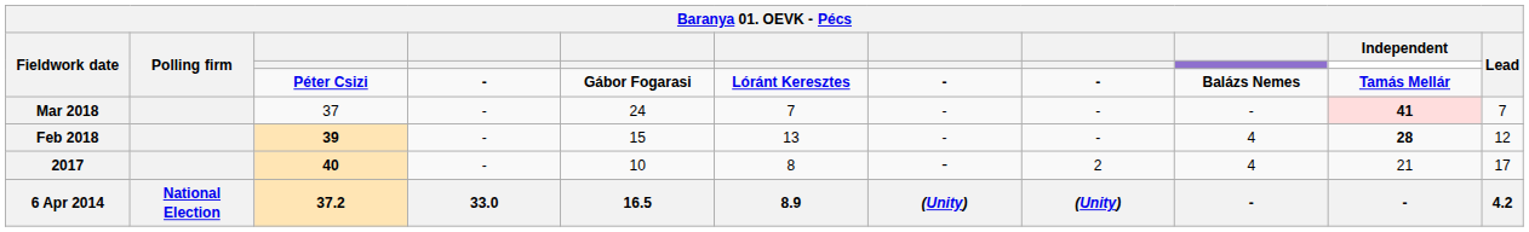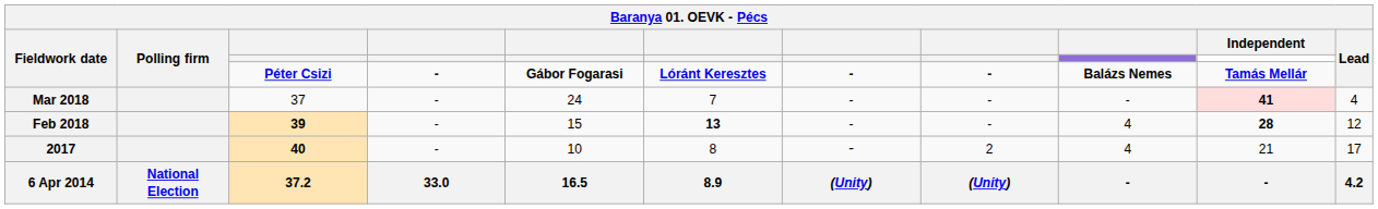 <table class="wikitable mw-collapsible mw-collapsed" style="text-align:center">
 <tr>
 <th style="width: 980pt;" colspan="11"><small><a href='#'>Baranya</a> 01. OEVK -</small> <small><a href='#'>Pécs</a></small></th>
 </tr>
 <tr>
 <th style="width: 80pt;" rowspan="3"><small>Fieldwork</small> <small>date</small></th>
 <th style="width: 80pt;" rowspan="3"><strong><small>Polling</small> <small>firm</small></strong></th>
 <th style="width: 100pt;"><small></small></th>
 <th style="width: 100pt;"><small> </small></th>
 <th style="width: 100pt;"></th>
 <th style="width: 100pt;"></th>
 <th style="width: 100pt;"></th>
 <th style="width: 100pt;"></th>
 <th style="width: 100pt;"></th>
 <th style="width: 100pt;"><small>Independent</small></th>
 <th style="width: 20pt;" rowspan="3"><small>Lead</small></th>
 </tr>
 <tr>
 <th style="color:inherit;background:"></th>
 <th style="color:inherit;background:"></th>
 <th style="color:inherit;background:"></th>
 <th style="color:inherit;background:"></th>
 <th style="color:inherit;background:"></th>
 <th style="color:inherit;background:"></th>
 <th style="color:inherit;background:#8E6FCE;"></th>
 <th style="color:inherit;background:#FFFFFF;"></th>
 </tr>
 <tr>
 <td><small><strong><a href='#'>Péter Csizi</a></strong></small></td>
 <td><small><strong>-</strong></small></td>
 <td><small><strong>Gábor Fogarasi</strong></small></td>
 <td><small><a href='#'><strong>Lóránt Keresztes</strong></a></small></td>
 <td><small><strong>-</strong></small></td>
 <td><small><strong>-</strong></small></td>
 <td><small><strong>Balázs Nemes</strong></small></td>
 <td><small><a href='#'><strong>Tamás Mellár</strong></a></small></td>
 </tr>
 <tr>
 <th><small>Mar 2018</small></th>
 <th><small></small></th>
 <td><small>37</small></td>
 <td><small>-</small></td>
 <td><small>24</small></td>
 <td><small>7</small></td>
 <td><small>-</small></td>
 <td><small>-</small></td>
 <td><small>-</small></td>
 <td style="background:#FFDDDD"><small><strong>41</strong></small></td>
-<td style="background:"><small>7</small></td>
+<td style="background:"><small>4</small></td>
 </tr>
 <tr>
 <th><small>Feb 2018</small></th>
 <th> </th>
 <td style="background:#FFE5B4"><small><strong>39</strong></small></td>
 <td><small>-</small></td>
 <td><small>15</small></td>
-<td><small>13</small></td>
+<td><strong><small>13</small></strong></td>
 <td><small>-</small></td>
 <td><small>-</small></td>
 <td><small>4</small></td>
 <td><strong><small>28</small></strong></td>
 <td style="background:"><small>12</small></td>
 </tr>
 <tr>
 <th><small>2017</small></th>
 <th><small></small></th>
 <td style="background:#FFE5B4"><small><strong>40</strong></small></td>
 <td><small>-</small></td>
 <td><small>10</small></td>
 <td><small>8</small></td>
 <td>-</td>
 <td><small>2</small></td>
 <td><small>4</small></td>
 <td><small>21</small></td>
 <td style="background:"><small>17</small></td>
 </tr>
 <tr>
 <th><small>6 Apr 2014</small></th>
 <th><a href='#'><small>National Election</small></a></th>
 <th style="background:#FFE5B4"><small>37.2</small></th>
 <th><small>33.0</small></th>
 <th><small>16.5</small></th>
 <th><small>8.9</small></th>
 <th><small><em>(<a href='#'>Unity</a>)</em></small></th>
 <th><small><em>(<a href='#'>Unity</a>)</em></small></th>
 <th><small>-</small></th>
 <th><small>-</small></th>
 <th style="background:"><small>4.2</small></th>
 </tr>
 </table>
